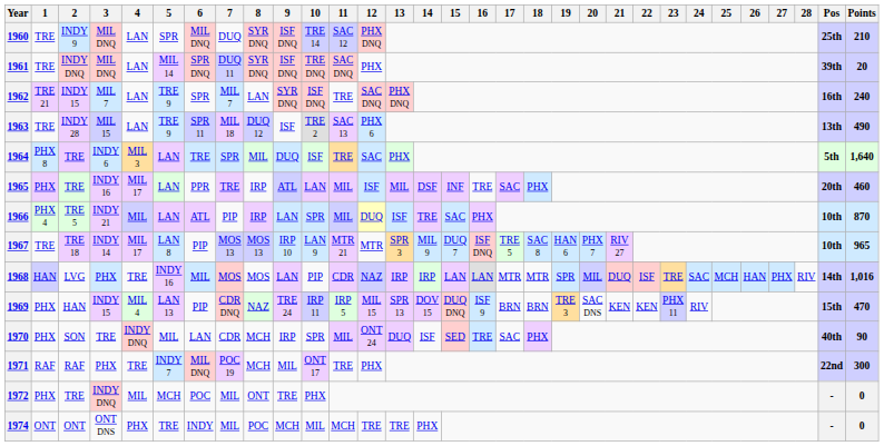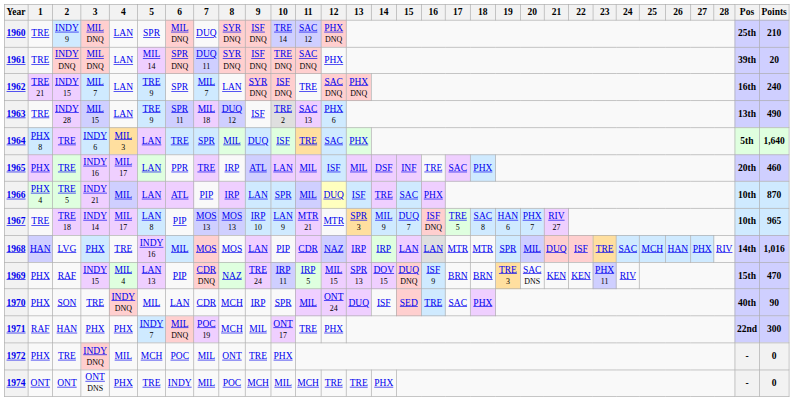 <table class="wikitable" style="text-align:center; font-size:90%">
 <tr>
 <th>Year</th>
 <th>1</th>
 <th>2</th>
 <th>3</th>
 <th>4</th>
 <th>5</th>
 <th>6</th>
 <th>7</th>
 <th>8</th>
 <th>9</th>
 <th>10</th>
 <th>11</th>
 <th>12</th>
 <th>13</th>
 <th>14</th>
 <th>15</th>
 <th>16</th>
 <th>17</th>
 <th>18</th>
 <th>19</th>
 <th>20</th>
 <th>21</th>
 <th>22</th>
 <th>23</th>
 <th>24</th>
 <th>25</th>
 <th>26</th>
 <th>27</th>
 <th>28</th>
 <th>Pos</th>
 <th>Points</th>
 </tr>
 <tr>
 <th><a href='#'>1960</a></th>
 <td><a href='#'>TRE</a><br><small> </small></td>
 <td style="background:#CFEAFF;"><a href='#'>INDY</a><br><small>9</small></td>
 <td style="background:#FFCFCF;"><a href='#'>MIL</a><br><small>DNQ</small></td>
 <td><a href='#'>LAN</a><br><small> </small></td>
 <td><a href='#'>SPR</a><br><small> </small></td>
 <td style="background:#FFCFCF;"><a href='#'>MIL</a><br><small>DNQ</small></td>
 <td><a href='#'>DUQ</a><br><small> </small></td>
 <td style="background:#FFCFCF;"><a href='#'>SYR</a><br><small>DNQ</small></td>
 <td style="background:#FFCFCF;"><a href='#'>ISF</a><br><small>DNQ</small></td>
 <td style="background:#CFCFFF;"><a href='#'>TRE</a><br><small>14</small></td>
 <td style="background:#CFCFFF;"><a href='#'>SAC</a><br><small>12</small></td>
 <td style="background:#FFCFCF;"><a href='#'>PHX</a><br><small>DNQ</small></td>
 <td colspan=16></td>
 <th style="background:#CFCFFF;">25th</th>
 <th style="background:#CFCFFF;">210</th>
 </tr>
 <tr>
 <th><a href='#'>1961</a></th>
 <td><a href='#'>TRE</a><br><small> </small></td>
 <td style="background:#FFCFCF;"><a href='#'>INDY</a><br><small>DNQ</small></td>
 <td style="background:#FFCFCF;"><a href='#'>MIL</a><br><small>DNQ</small></td>
 <td><a href='#'>LAN</a><br><small> </small></td>
 <td style="background:#EFCFFF;"><a href='#'>MIL</a><br><small>14</small></td>
 <td style="background:#FFCFCF;"><a href='#'>SPR</a><br><small>DNQ</small></td>
 <td style="background:#CFCFFF;"><a href='#'>DUQ</a><br><small>11</small></td>
 <td style="background:#FFCFCF;"><a href='#'>SYR</a><br><small>DNQ</small></td>
 <td style="background:#FFCFCF;"><a href='#'>ISF</a><br><small>DNQ</small></td>
 <td style="background:#FFCFCF;"><a href='#'>TRE</a><br><small>DNQ</small></td>
 <td style="background:#FFCFCF;"><a href='#'>SAC</a><br><small>DNQ</small></td>
 <td><a href='#'>PHX</a><br><small> </small></td>
 <td colspan=16></td>
 <th style="background:#CFCFFF;">39th</th>
 <th style="background:#CFCFFF;">20</th>
 </tr>
 <tr>
 <th><a href='#'>1962</a></th>
 <td style="background:#EFCFFF;"><a href='#'>TRE</a><br><small>21</small></td>
 <td style="background:#EFCFFF;"><a href='#'>INDY</a><br><small>15</small></td>
 <td style="background:#CFEAFF;"><a href='#'>MIL</a><br><small>7</small></td>
 <td><a href='#'>LAN</a><br><small> </small></td>
 <td style="background:#CFEAFF;"><a href='#'>TRE</a><br><small>9</small></td>
 <td><a href='#'>SPR</a><br><small> </small></td>
 <td style="background:#CFEAFF;"><a href='#'>MIL</a><br><small>7</small></td>
 <td><a href='#'>LAN</a><br><small> </small></td>
 <td style="background:#FFCFCF;"><a href='#'>SYR</a><br><small>DNQ</small></td>
 <td style="background:#FFCFCF;"><a href='#'>ISF</a><br><small>DNQ</small></td>
 <td><a href='#'>TRE</a><br><small> </small></td>
 <td style="background:#FFCFCF;"><a href='#'>SAC</a><br><small>DNQ</small></td>
 <td style="background:#FFCFCF;"><a href='#'>PHX</a><br><small>DNQ</small></td>
 <td colspan=15></td>
 <th style="background:#CFCFFF;">16th</th>
 <th style="background:#CFCFFF;">240</th>
 </tr>
 <tr>
 <th><a href='#'>1963</a></th>
 <td><a href='#'>TRE</a><br><small> </small></td>
 <td style="background:#EFCFFF;"><a href='#'>INDY</a><br><small>28</small></td>
 <td style="background:#CFCFFF;"><a href='#'>MIL</a><br><small>15</small></td>
 <td><a href='#'>LAN</a><br><small> </small></td>
 <td style="background:#CFEAFF;"><a href='#'>TRE</a><br><small>9</small></td>
 <td style="background:#CFCFFF;"><a href='#'>SPR</a><br><small>11</small></td>
 <td style="background:#EFCFFF;"><a href='#'>MIL</a><br><small>18</small></td>
 <td style="background:#CFCFFF;"><a href='#'>DUQ</a><br><small>12</small></td>
 <td><a href='#'>ISF</a><br><small> </small></td>
 <td style="background:#DFDFDF;"><a href='#'>TRE</a><br><small>2</small></td>
 <td style="background:#EFCFFF;"><a href='#'>SAC</a><br><small>13</small></td>
 <td style="background:#CFEAFF;"><a href='#'>PHX</a><br><small>6</small></td>
 <td colspan=16></td>
 <th style="background:#CFCFFF;">13th</th>
 <th style="background:#CFCFFF;">490</th>
 </tr>
 <tr>
 <th><a href='#'>1964</a></th>
 <td style="background:#CFEAFF;"><a href='#'>PHX</a><br><small>8</small></td>
 <td style="background:#EFCFFF;"><a href='#'>TRE</a><br></td>
 <td style="background:#CFEAFF;"><a href='#'>INDY</a><br><small>6</small></td>
 <td style="background:#FFDF9F;"><a href='#'>MIL</a><br><small>3</small></td>
 <td style="background:#EFCFFF;"><a href='#'>LAN</a><br></td>
 <td style="background:#CFEAFF;"><a href='#'>TRE</a><br></td>
 <td style="background:#CFEAFF;"><a href='#'>SPR</a><br></td>
 <td style="background:#DFFFDF;"><a href='#'>MIL</a><br></td>
 <td style="background:#CFEAFF;"><a href='#'>DUQ</a><br></td>
 <td style="background:#DFFFDF;"><a href='#'>ISF</a><br></td>
 <td style="background:#FFDF9F;"><a href='#'>TRE</a><br></td>
 <td style="background:#CFEAFF;"><a href='#'>SAC</a><br></td>
 <td style="background:#DFFFDF;"><a href='#'>PHX</a><br></td>
 <td colspan=15></td>
 <th style="background:#DFFFDF;">5th</th>
 <th style="background:#DFFFDF;">1,640</th>
 </tr>
 <tr>
 <th><a href='#'>1965</a></th>
 <td style="background:#EFCFFF;"><a href='#'>PHX</a><br></td>
 <td style="background:#DFFFDF;"><a href='#'>TRE</a><br></td>
 <td style="background:#EFCFFF;"><a href='#'>INDY</a><br><small>16</small></td>
 <td style="background:#EFCFFF;"><a href='#'>MIL</a><br><small>17</small></td>
 <td style="background:#DFFFDF;"><a href='#'>LAN</a><br></td>
 <td><a href='#'>PPR</a><br></td>
 <td style="background:#EFCFFF;"><a href='#'>TRE</a><br></td>
 <td><a href='#'>IRP</a><br></td>
 <td style="background:#CFCFFF;"><a href='#'>ATL</a><br></td>
 <td style="background:#EFCFFF;"><a href='#'>LAN</a><br></td>
 <td style="background:#EFCFFF;"><a href='#'>MIL</a><br></td>
 <td style="background:#CFEAFF;"><a href='#'>ISF</a><br></td>
 <td style="background:#EFCFFF;"><a href='#'>MIL</a><br></td>
 <td style="background:#EFCFFF;"><a href='#'>DSF</a><br></td>
 <td style="background:#EFCFFF;"><a href='#'>INF</a><br></td>
 <td><a href='#'>TRE</a><br></td>
 <td style="background:#EFCFFF;"><a href='#'>SAC</a><br></td>
 <td style="background:#CFEAFF;"><a href='#'>PHX</a><br></td>
 <td colspan=10></td>
 <th style="background:#CFCFFF;">20th</th>
 <th style="background:#CFCFFF;">460</th>
 </tr>
 <tr>
 <th><a href='#'>1966</a></th>
 <td style="background:#DFFFDF;"><a href='#'>PHX</a><br><small>4</small></td>
 <td style="background:#DFFFDF;"><a href='#'>TRE</a><br><small>5</small></td>
 <td style="background:#EFCFFF;"><a href='#'>INDY</a><br><small>21</small></td>
 <td style="background:#CFCFFF;"><a href='#'>MIL</a><br></td>
 <td style="background:#EFCFFF;"><a href='#'>LAN</a><br></td>
 <td style="background:#EFCFFF;"><a href='#'>ATL</a><br></td>
 <td><a href='#'>PIP</a><br></td>
 <td style="background:#EFCFFF;"><a href='#'>IRP</a><br></td>
 <td style="background:#CFEAFF;"><a href='#'>LAN</a><br></td>
 <td style="background:#CFEAFF;"><a href='#'>SPR</a><br></td>
 <td style="background:#CFCFFF;"><a href='#'>MIL</a><br></td>
 <td style="background:#FFFFBF;"><a href='#'>DUQ</a><br></td>
 <td style="background:#CFEAFF;"><a href='#'>ISF</a><br></td>
 <td style="background:#EFCFFF;"><a href='#'>TRE</a><br></td>
 <td style="background:#CFEAFF;"><a href='#'>SAC</a><br></td>
 <td style="background:#EFCFFF;"><a href='#'>PHX</a><br></td>
 <td colspan=12></td>
 <th style="background:#CFEAFF;">10th</th>
 <th style="background:#CFEAFF;">870</th>
 </tr>
 <tr>
 <th><a href='#'>1967</a></th>
 <td><a href='#'>TRE</a><br><small> </small></td>
 <td style="background:#EFCFFF;"><a href='#'>TRE</a><br><small>18</small></td>
 <td style="background:#EFCFFF;"><a href='#'>INDY</a><br><small>14</small></td>
 <td style="background:#EFCFFF;"><a href='#'>MIL</a><br><small>17</small></td>
 <td style="background:#CFEAFF;"><a href='#'>LAN</a><br><small>8</small></td>
 <td><a href='#'>PIP</a></td>
 <td style="background:#CFCFFF;"><a href='#'>MOS</a><br><small>13</small></td>
 <td style="background:#CFCFFF;"><a href='#'>MOS</a><br><small>13</small></td>
 <td style="background:#CFEAFF;"><a href='#'>IRP</a><br><small>10</small></td>
 <td style="background:#CFEAFF;"><a href='#'>LAN</a><br><small>9</small></td>
 <td style="background:#EFCFFF;"><a href='#'>MTR</a><br><small>21</small></td>
 <td><a href='#'>MTR</a><br><small> </small></td>
 <td style="background:#FFDF9F;"><a href='#'>SPR</a><br><small>3</small></td>
 <td style="background:#CFEAFF;"><a href='#'>MIL</a><br><small>9</small></td>
 <td style="background:#CFEAFF;"><a href='#'>DUQ</a><br><small>7</small></td>
 <td style="background:#FFCFCF;"><a href='#'>ISF</a><br><small>DNQ</small></td>
 <td style="background:#DFFFDF;"><a href='#'>TRE</a><br><small>5</small></td>
 <td style="background:#CFEAFF;"><a href='#'>SAC</a><br><small>8</small></td>
 <td style="background:#CFEAFF;"><a href='#'>HAN</a><br><small>6</small></td>
 <td style="background:#CFEAFF;"><a href='#'>PHX</a><br><small>7</small></td>
 <td style="background:#EFCFFF;"><a href='#'>RIV</a><br><small>27</small></td>
 <td colspan=7></td>
 <th style="background:#CFEAFF;">10th</th>
 <th style="background:#CFEAFF;">965</th>
 </tr>
 <tr>
 <th><a href='#'>1968</a></th>
 <td style="background:#CFCFFF;"><a href='#'>HAN</a><br></td>
 <td><a href='#'>LVG</a><br></td>
 <td style="background:#CFEAFF;"><a href='#'>PHX</a><br></td>
 <td><a href='#'>TRE</a><br></td>
 <td style="background:#EFCFFF;"><a href='#'>INDY</a><br><small>16</small></td>
 <td style="background:#CFEAFF;"><a href='#'>MIL</a><br></td>
 <td style="background:#FFCFCF;"><a href='#'>MOS</a><br></td>
 <td><a href='#'>MOS</a><br></td>
 <td style="background:#EFCFFF;"><a href='#'>LAN</a><br></td>
 <td><a href='#'>PIP</a><br></td>
 <td style="background:#EFCFFF;"><a href='#'>CDR</a><br></td>
 <td style="background:#CFCFFF;"><a href='#'>NAZ</a><br></td>
 <td style="background:#EFCFFF;"><a href='#'>IRP</a><br></td>
 <td style="background:#DFFFDF;"><a href='#'>IRP</a><br></td>
 <td style="background:#EFCFFF;"><a href='#'>LAN</a><br></td>
 <td style="background:#DFDFDF;"><a href='#'>LAN</a><br></td>
 <td><a href='#'>MTR</a><br></td>
 <td><a href='#'>MTR</a><br></td>
 <td style="background:#CFEAFF;"><a href='#'>SPR</a><br></td>
 <td style="background:#CFCFFF;"><a href='#'>MIL</a><br></td>
 <td style="background:#FFCFCF;"><a href='#'>DUQ</a><br></td>
 <td style="background:#FFCFCF;"><a href='#'>ISF</a><br></td>
 <td style="background:#FFDF9F;"><a href='#'>TRE</a><br></td>
 <td style="background:#CFEAFF;"><a href='#'>SAC</a><br></td>
 <td style="background:#CFEAFF;"><a href='#'>MCH</a><br></td>
 <td style="background:#CFEAFF;"><a href='#'>HAN</a><br></td>
 <td style="background:#CFEAFF;"><a href='#'>PHX</a><br></td>
 <td><a href='#'>RIV</a><br></td>
 <th style="background:#CFCFFF;">14th</th>
 <th style="background:#CFCFFF;">1,016</th>
 </tr>
 <tr>
 <th><a href='#'>1969</a></th>
 <td><a href='#'>PHX</a><br><small> </small></td>
-<td><a href='#'>HAN</a><br><small> </small></td>
+<td><a href='#'>RAF</a><br><small> </small></td>
 <td style="background:#EFCFFF;"><a href='#'>INDY</a><br><small>15</small></td>
 <td style="background:#DFFFDF;"><a href='#'>MIL</a><br><small>4</small></td>
 <td style="background:#EFCFFF;"><a href='#'>LAN</a><br><small>13</small></td>
 <td><a href='#'>PIP</a></td>
 <td style="background:#FFCFCF;"><a href='#'>CDR</a><br><small>DNQ</small></td>
 <td style="background:#DFFFDF;"><a href='#'>NAZ</a><br></td>
 <td style="background:#EFCFFF;"><a href='#'>TRE</a><br><small>24</small></td>
 <td style="background:#CFCFFF;"><a href='#'>IRP</a><br><small>11</small></td>
 <td style="background:#DFFFDF;"><a href='#'>IRP</a><br><small>5</small></td>
 <td style="background:#EFCFFF;"><a href='#'>MIL</a><br><small>15</small></td>
 <td style="background:#EFCFFF;"><a href='#'>SPR</a><br><small>13</small></td>
 <td style="background:#EFCFFF;"><a href='#'>DOV</a><br><small>15</small></td>
 <td style="background:#FFCFCF;"><a href='#'>DUQ</a><br><small>DNQ</small></td>
 <td style="background:#CFEAFF;"><a href='#'>ISF</a><br><small>9</small></td>
 <td><a href='#'>BRN</a><br><small> </small></td>
 <td><a href='#'>BRN</a><br><small> </small></td>
 <td style="background:#FFDF9F;"><a href='#'>TRE</a><br><small>3</small></td>
 <td><a href='#'>SAC</a><br><small>DNS</small></td>
 <td><a href='#'>KEN</a></td>
 <td><a href='#'>KEN</a></td>
 <td style="background:#CFCFFF;"><a href='#'>PHX</a><br><small>11</small></td>
 <td><a href='#'>RIV</a><br><small> </small></td>
 <td colspan=4></td>
 <th style="background:#CFCFFF;">15th</th>
 <th style="background:#CFCFFF;">470</th>
 </tr>
 <tr>
 <th><a href='#'>1970</a></th>
 <td><a href='#'>PHX</a></td>
 <td><a href='#'>SON</a><br><small> </small></td>
 <td><a href='#'>TRE</a></td>
 <td style="background:#ffcfcf;"><a href='#'>INDY</a><br><small>DNQ</small></td>
 <td><a href='#'>MIL</a><br><small> </small></td>
 <td><a href='#'>LAN</a></td>
 <td><a href='#'>CDR</a></td>
 <td><a href='#'>MCH</a></td>
 <td><a href='#'>IRP</a><br><small> </small></td>
 <td><a href='#'>SPR</a></td>
 <td style="background:#EFCFFF;"><a href='#'>MIL</a><br></td>
 <td style="background:#EFCFFF;"><a href='#'>ONT</a><br><small>24</small></td>
 <td style="background:#EFCFFF;"><a href='#'>DUQ</a><br></td>
 <td><a href='#'>ISF</a></td>
 <td style="background:#FFCFCF;"><a href='#'>SED</a><br></td>
 <td style="background:#CFEAFF;"><a href='#'>TRE</a><br></td>
 <td><a href='#'>SAC</a></td>
 <td style="background:#EFCFFF;"><a href='#'>PHX</a><br></td>
 <td colspan=10></td>
 <th style="background:#CFCFFF;">40th</th>
 <th style="background:#CFCFFF;">90</th>
 </tr>
 <tr>
 <th><a href='#'>1971</a></th>
 <td><a href='#'>RAF</a><br><small> </small></td>
-<td><a href='#'>RAF</a><br><small> </small></td>
+<td><a href='#'>HAN</a><br><small> </small></td>
 <td><a href='#'>PHX</a><br><small> </small></td>
-<td><a href='#'>TRE</a><br><small> </small></td>
+<td><a href='#'>PHX</a></td>
 <td style="background:#CFEAFF;"><a href='#'>INDY</a><br><small>7</small></td>
 <td style="background:#FFCFCF;"><a href='#'>MIL</a><br><small>DNQ</small></td>
 <td style="background:#EFCFFF;"><a href='#'>POC</a><br><small>19</small></td>
 <td><a href='#'>MCH</a><br><small> </small></td>
 <td><a href='#'>MIL</a><br><small> </small></td>
 <td style="background:#EFCFFF;"><a href='#'>ONT</a><br><small>17</small></td>
 <td><a href='#'>TRE</a><br><small> </small></td>
 <td><a href='#'>PHX</a><br><small> </small></td>
 <td colspan=16></td>
 <th style="background:#CFCFFF;">22nd</th>
 <th style="background:#CFCFFF;">300</th>
 </tr>
 <tr>
 <th><a href='#'>1972</a></th>
 <td><a href='#'>PHX</a><br><small> </small></td>
 <td><a href='#'>TRE</a><br><small> </small></td>
 <td style="background:#FFCFCF;"><a href='#'>INDY</a><br><small>DNQ</small></td>
 <td><a href='#'>MIL</a><br><small> </small></td>
 <td><a href='#'>MCH</a><br><small> </small></td>
 <td><a href='#'>POC</a><br><small> </small></td>
 <td><a href='#'>MIL</a><br><small> </small></td>
 <td><a href='#'>ONT</a><br><small> </small></td>
 <td><a href='#'>TRE</a><br><small> </small></td>
 <td><a href='#'>PHX</a><br><small> </small></td>
 <td colspan=18></td>
 <th>-</th>
 <th>0</th>
 </tr>
 <tr>
 <th><a href='#'>1974</a></th>
 <td><a href='#'>ONT</a></td>
 <td><a href='#'>ONT</a><br><small> </small></td>
 <td><a href='#'>ONT</a><br><small>DNS</small></td>
 <td><a href='#'>PHX</a></td>
 <td><a href='#'>TRE</a></td>
 <td><a href='#'>INDY</a><br><small> </small></td>
 <td><a href='#'>MIL</a></td>
 <td><a href='#'>POC</a><br><small> </small></td>
 <td><a href='#'>MCH</a></td>
 <td><a href='#'>MIL</a></td>
 <td><a href='#'>MCH</a></td>
 <td><a href='#'>TRE</a></td>
 <td><a href='#'>TRE</a></td>
 <td><a href='#'>PHX</a></td>
 <td colspan=14></td>
 <th>-</th>
 <th>0</th>
 </tr>
 </table>
